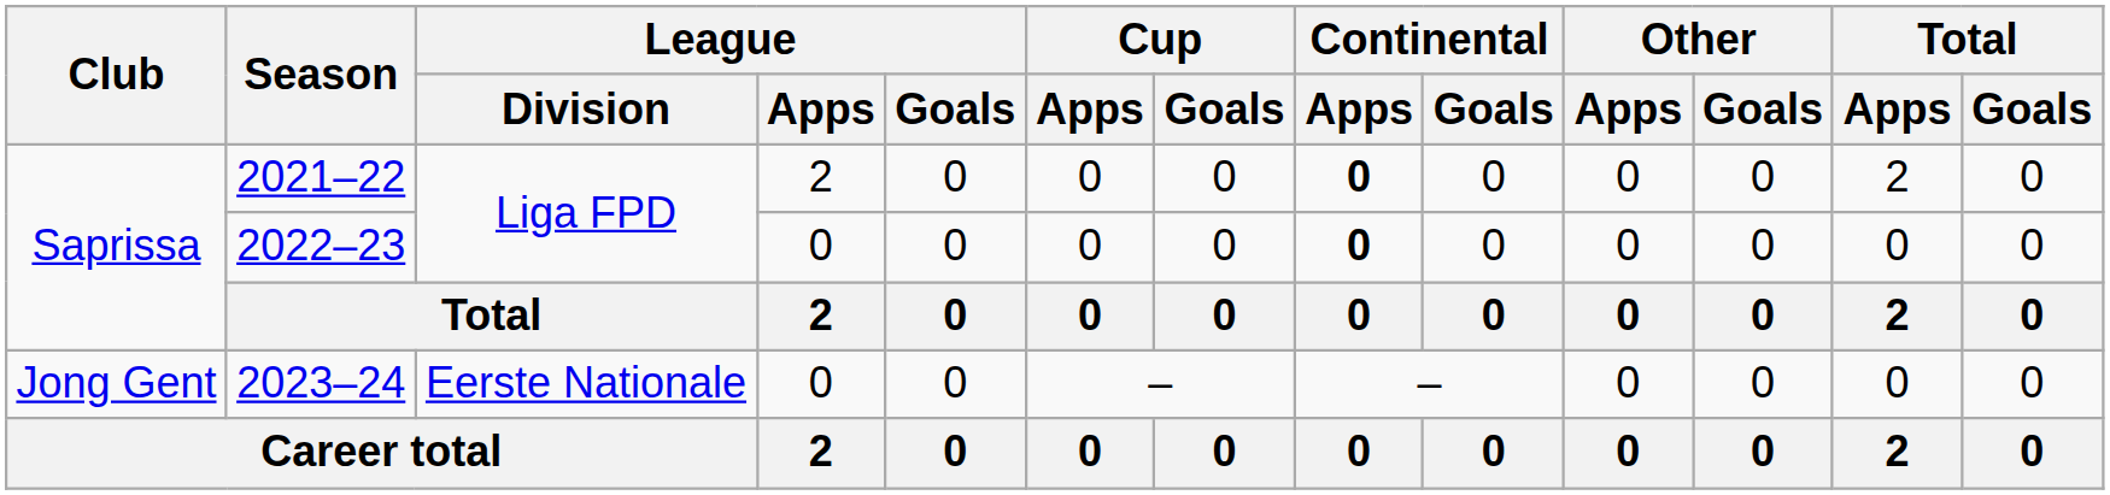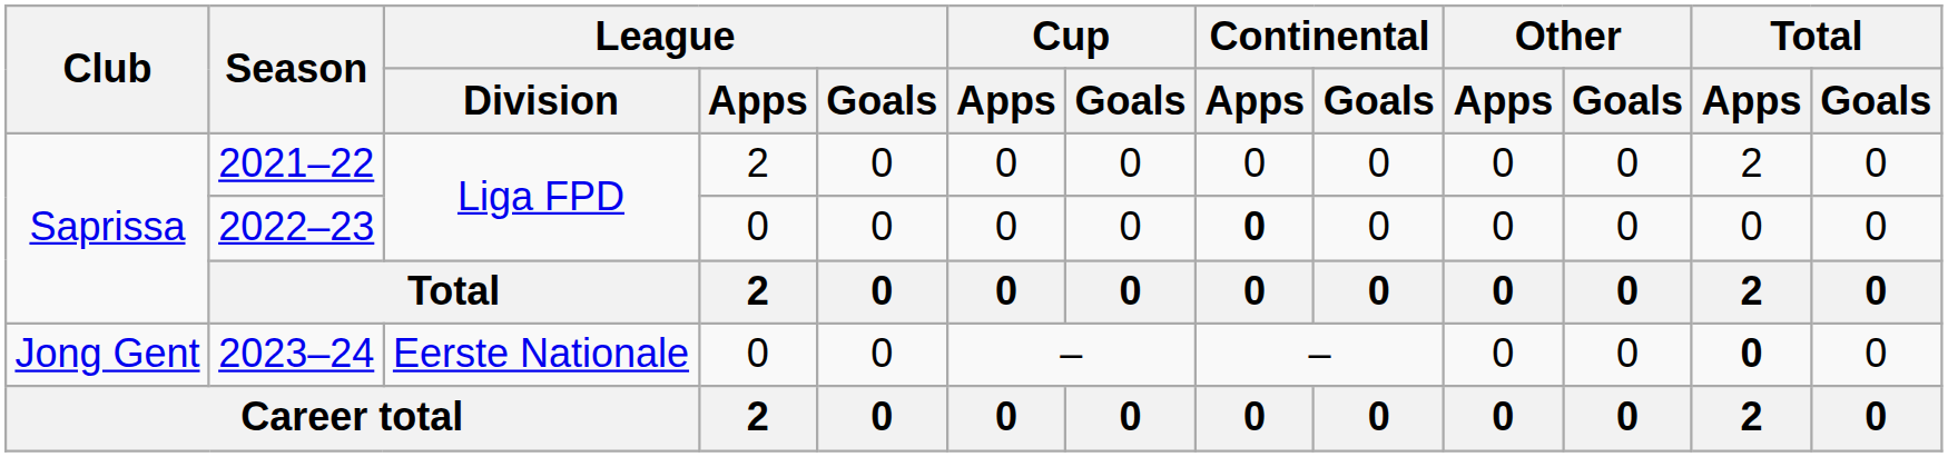 <table class=wikitable style=text-align:center>
 <tr>
 <th rowspan="2">Club</th>
 <th rowspan="2">Season</th>
 <th colspan="3">League</th>
 <th colspan="2">Cup</th>
 <th colspan="2">Continental</th>
 <th colspan="2">Other</th>
 <th colspan="2">Total</th>
 </tr>
 <tr>
 <th>Division</th>
 <th>Apps</th>
 <th>Goals</th>
 <th>Apps</th>
 <th>Goals</th>
 <th>Apps</th>
 <th>Goals</th>
 <th>Apps</th>
 <th>Goals</th>
 <th>Apps</th>
 <th>Goals</th>
 </tr>
 <tr>
 <td rowspan="3"><a href='#'>Saprissa</a></td>
 <td><a href='#'>2021–22</a></td>
 <td rowspan="2"><a href='#'>Liga FPD</a></td>
 <td>2</td>
 <td>0</td>
 <td>0</td>
 <td>0</td>
-<td><strong>0</strong></td>
+<td>0</td>
 <td>0</td>
 <td>0</td>
 <td>0</td>
 <td>2</td>
 <td>0</td>
 </tr>
 <tr>
 <td><a href='#'>2022–23</a></td>
 <td>0</td>
 <td>0</td>
 <td>0</td>
 <td>0</td>
 <td><strong>0</strong></td>
 <td>0</td>
 <td>0</td>
 <td>0</td>
 <td>0</td>
 <td>0</td>
 </tr>
 <tr>
 <th colspan="2"><strong>Total</strong></th>
 <th>2</th>
 <th>0</th>
 <th>0</th>
 <th>0</th>
 <th>0</th>
 <th>0</th>
 <th>0</th>
 <th>0</th>
 <th>2</th>
 <th>0</th>
 </tr>
 <tr>
 <td><a href='#'>Jong Gent</a></td>
 <td><a href='#'>2023–24</a></td>
 <td><a href='#'>Eerste Nationale</a></td>
 <td>0</td>
 <td>0</td>
 <td colspan="2">–</td>
 <td colspan="2">–</td>
 <td>0</td>
 <td>0</td>
-<td>0</td>
+<td><strong>0</strong></td>
 <td>0</td>
 </tr>
 <tr>
 <th colspan="3"><strong>Career total</strong></th>
 <th>2</th>
 <th>0</th>
 <th>0</th>
 <th>0</th>
 <th>0</th>
 <th>0</th>
 <th>0</th>
 <th>0</th>
 <th>2</th>
 <th>0</th>
 </tr>
 </table>
